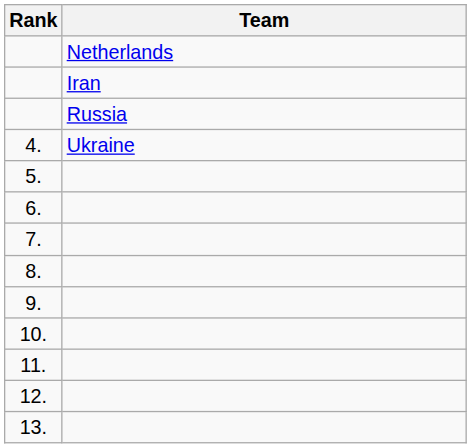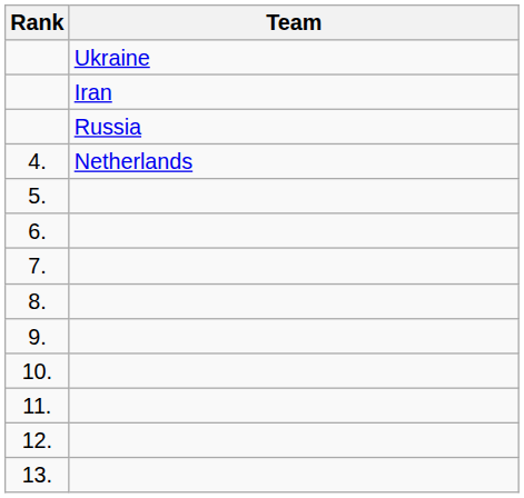 <table class="wikitable" style="font-size:95%;">
 <tr>
 <th>Rank</th>
 <th align="left" style="width: 20em">Team</th>
 </tr>
 <tr>
 <td align="center"></td>
-<td> <a href='#'>Netherlands</a></td>
+<td> <a href='#'>Ukraine</a></td>
 </tr>
 <tr>
 <td align="center"></td>
 <td> <a href='#'>Iran</a></td>
 </tr>
 <tr>
 <td align="center"></td>
 <td> <a href='#'>Russia</a></td>
 </tr>
 <tr>
 <td rowspan=1 align="center">4.</td>
-<td> <a href='#'>Ukraine</a></td>
+<td> <a href='#'>Netherlands</a></td>
 </tr>
 <tr>
 <td rowspan=1 align="center">5.</td>
 <td></td>
 </tr>
 <tr>
 <td rowspan=1 align="center">6.</td>
 <td></td>
 </tr>
 <tr>
 <td rowspan=1 align="center">7.</td>
 <td></td>
 </tr>
 <tr>
 <td rowspan=1 align="center">8.</td>
 <td></td>
 </tr>
 <tr>
 <td rowspan=1 align="center">9.</td>
 <td></td>
 </tr>
 <tr>
 <td rowspan=1 align="center">10.</td>
 <td></td>
 </tr>
 <tr>
 <td rowspan=1 align="center">11.</td>
 <td></td>
 </tr>
 <tr>
 <td rowspan=1 align="center">12.</td>
 <td></td>
 </tr>
 <tr>
 <td rowspan=1 align="center">13.</td>
 <td></td>
 </tr>
 </table>
